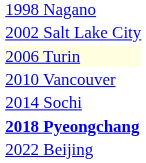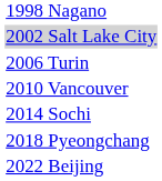 <table>
 <tr style="vertical-align:top">
 <td><a href='#'>1998 Nagano</a><br></td>
 <td></td>
 <td></td>
 <td></td>
 </tr>
 <tr>
-<td><a href='#'>2002 Salt Lake City</a><br></td>
+<td style="background: lightgrey;"><a href='#'>2002 Salt Lake City</a><br></td>
 <td></td>
 <td></td>
 <td></td>
 </tr>
 <tr>
-<td style="background: lightyellow;"><a href='#'>2006 Turin</a><br></td>
+<td><a href='#'>2006 Turin</a><br></td>
 <td></td>
 <td></td>
 <td></td>
 </tr>
 <tr>
 <td><a href='#'>2010 Vancouver</a><br></td>
 <td></td>
 <td></td>
 <td></td>
 </tr>
 <tr>
 <td><a href='#'>2014 Sochi</a><br></td>
 <td></td>
 <td></td>
 <td></td>
 </tr>
 <tr>
-<td><strong><a href='#'>2018 Pyeongchang</a><br></strong></td>
+<td><a href='#'>2018 Pyeongchang</a><br></td>
 <td></td>
 <td></td>
 <td></td>
 </tr>
 <tr>
 <td><a href='#'>2022 Beijing</a> <br></td>
 <td></td>
 <td></td>
 <td></td>
 </tr>
 <tr>
 </tr>
 </table>
